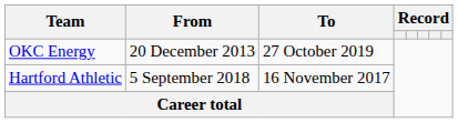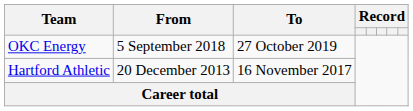 <table class=wikitable style=text-align:center>
 <tr>
 <th rowspan=2>Team</th>
 <th rowspan=2>From</th>
 <th rowspan=2>To</th>
 <th colspan=5>Record</th>
 </tr>
 <tr>
 <th></th>
 <th></th>
 <th></th>
 <th></th>
 <th></th>
 </tr>
 <tr>
 <td align=left><a href='#'>OKC Energy</a></td>
-<td align=left>20 December 2013</td>
+<td align=left>5 September 2018</td>
 <td align=left>27 October 2019<br></td>
 </tr>
 <tr>
 <td align="left"><a href='#'>Hartford Athletic</a></td>
-<td align=left>5 September 2018</td>
+<td align=left>20 December 2013</td>
 <td align=left>16 November 2017<br></td>
 </tr>
 <tr>
 <th colspan=3>Career total<br></th>
 </tr>
 </table>
